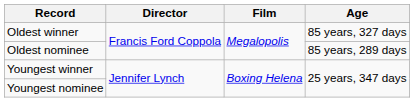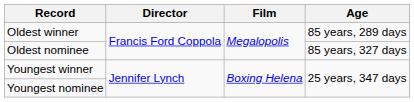 <table class="wikitable">
 <tr>
 <th scope="col">Record</th>
 <th scope="col">Director</th>
 <th>Film</th>
 <th scope="col">Age</th>
 </tr>
 <tr>
 <td>Oldest winner</td>
 <td rowspan="2"><a href='#'>Francis Ford Coppola</a></td>
 <td rowspan="2"><em><a href='#'>Megalopolis</a></em></td>
-<td>85 years, 327 days</td>
+<td>85 years, 289 days</td>
 </tr>
 <tr>
 <td>Oldest nominee</td>
-<td>85 years, 289 days</td>
+<td>85 years, 327 days</td>
 </tr>
 <tr>
 <td>Youngest winner</td>
 <td rowspan="2"><a href='#'>Jennifer Lynch</a></td>
 <td rowspan="2"><em><a href='#'>Boxing Helena</a></em></td>
 <td rowspan="2">25 years, 347 days</td>
 </tr>
 <tr>
 <td>Youngest nominee</td>
 </tr>
 </table>
